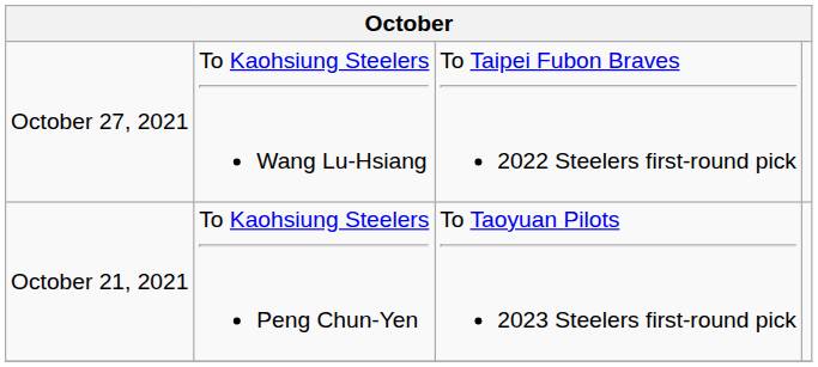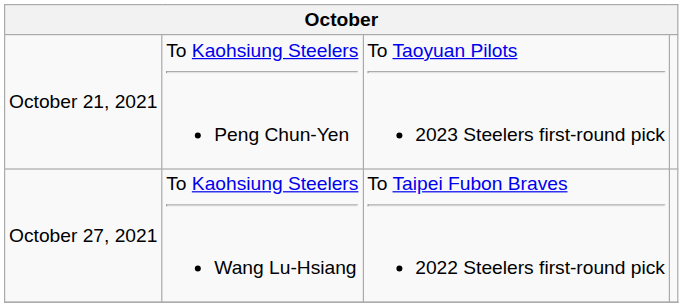 <table class="wikitable" style="text-align:center">
 <tr>
 <th colspan="4">October</th>
+</tr>
+<tr>
+<td>October 21, 2021</td>
+<td align="left" valign="top">To <a href='#'>Kaohsiung Steelers</a><hr><br><ul><li>Peng Chun-Yen</li></ul></td>
+<td align="left" valign="top">To <a href='#'>Taoyuan Pilots</a><hr><br><ul><li>2023 Steelers first-round pick</li></ul></td>
+<td align="center"></td>
 </tr>
 <tr>
 <td>October 27, 2021</td>
 <td align="left" valign="top">To <a href='#'>Kaohsiung Steelers</a><hr><br><ul><li>Wang Lu-Hsiang</li></ul></td>
 <td align="left" valign="top">To <a href='#'>Taipei Fubon Braves</a><hr><br><ul><li>2022 Steelers first-round pick</li></ul></td>
 <td align="center"></td>
 </tr>
 <tr>
-<td>October 21, 2021</td>
-<td align="left" valign="top">To <a href='#'>Kaohsiung Steelers</a><hr><br><ul><li>Peng Chun-Yen</li></ul></td>
-<td align="left" valign="top">To <a href='#'>Taoyuan Pilots</a><hr><br><ul><li>2023 Steelers first-round pick</li></ul></td>
-<td align="center"></td>
-</tr>
-<tr>
 </tr>
 </table>
